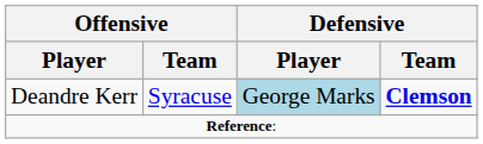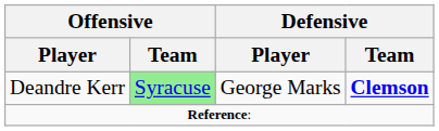 <table class="wikitable" style="text-align: center;">
 <tr>
 <th colspan="2">Offensive</th>
 <th colspan="2">Defensive</th>
 </tr>
 <tr>
 <th>Player</th>
 <th>Team</th>
 <th>Player</th>
 <th>Team</th>
 </tr>
 <tr>
 <td>Deandre Kerr</td>
-<td><a href='#'>Syracuse</a></td>
-<td style="background: lightblue;">George Marks</td>
+<td style="background: lightgreen;"><a href='#'>Syracuse</a></td>
+<td>George Marks</td>
 <td><strong><a href='#'>Clemson</a></strong></td>
 </tr>
 <tr>
 <td colspan="4"  style="font-size:8pt; text-align:center;"><strong>Reference</strong>:</td>
 </tr>
 </table>
